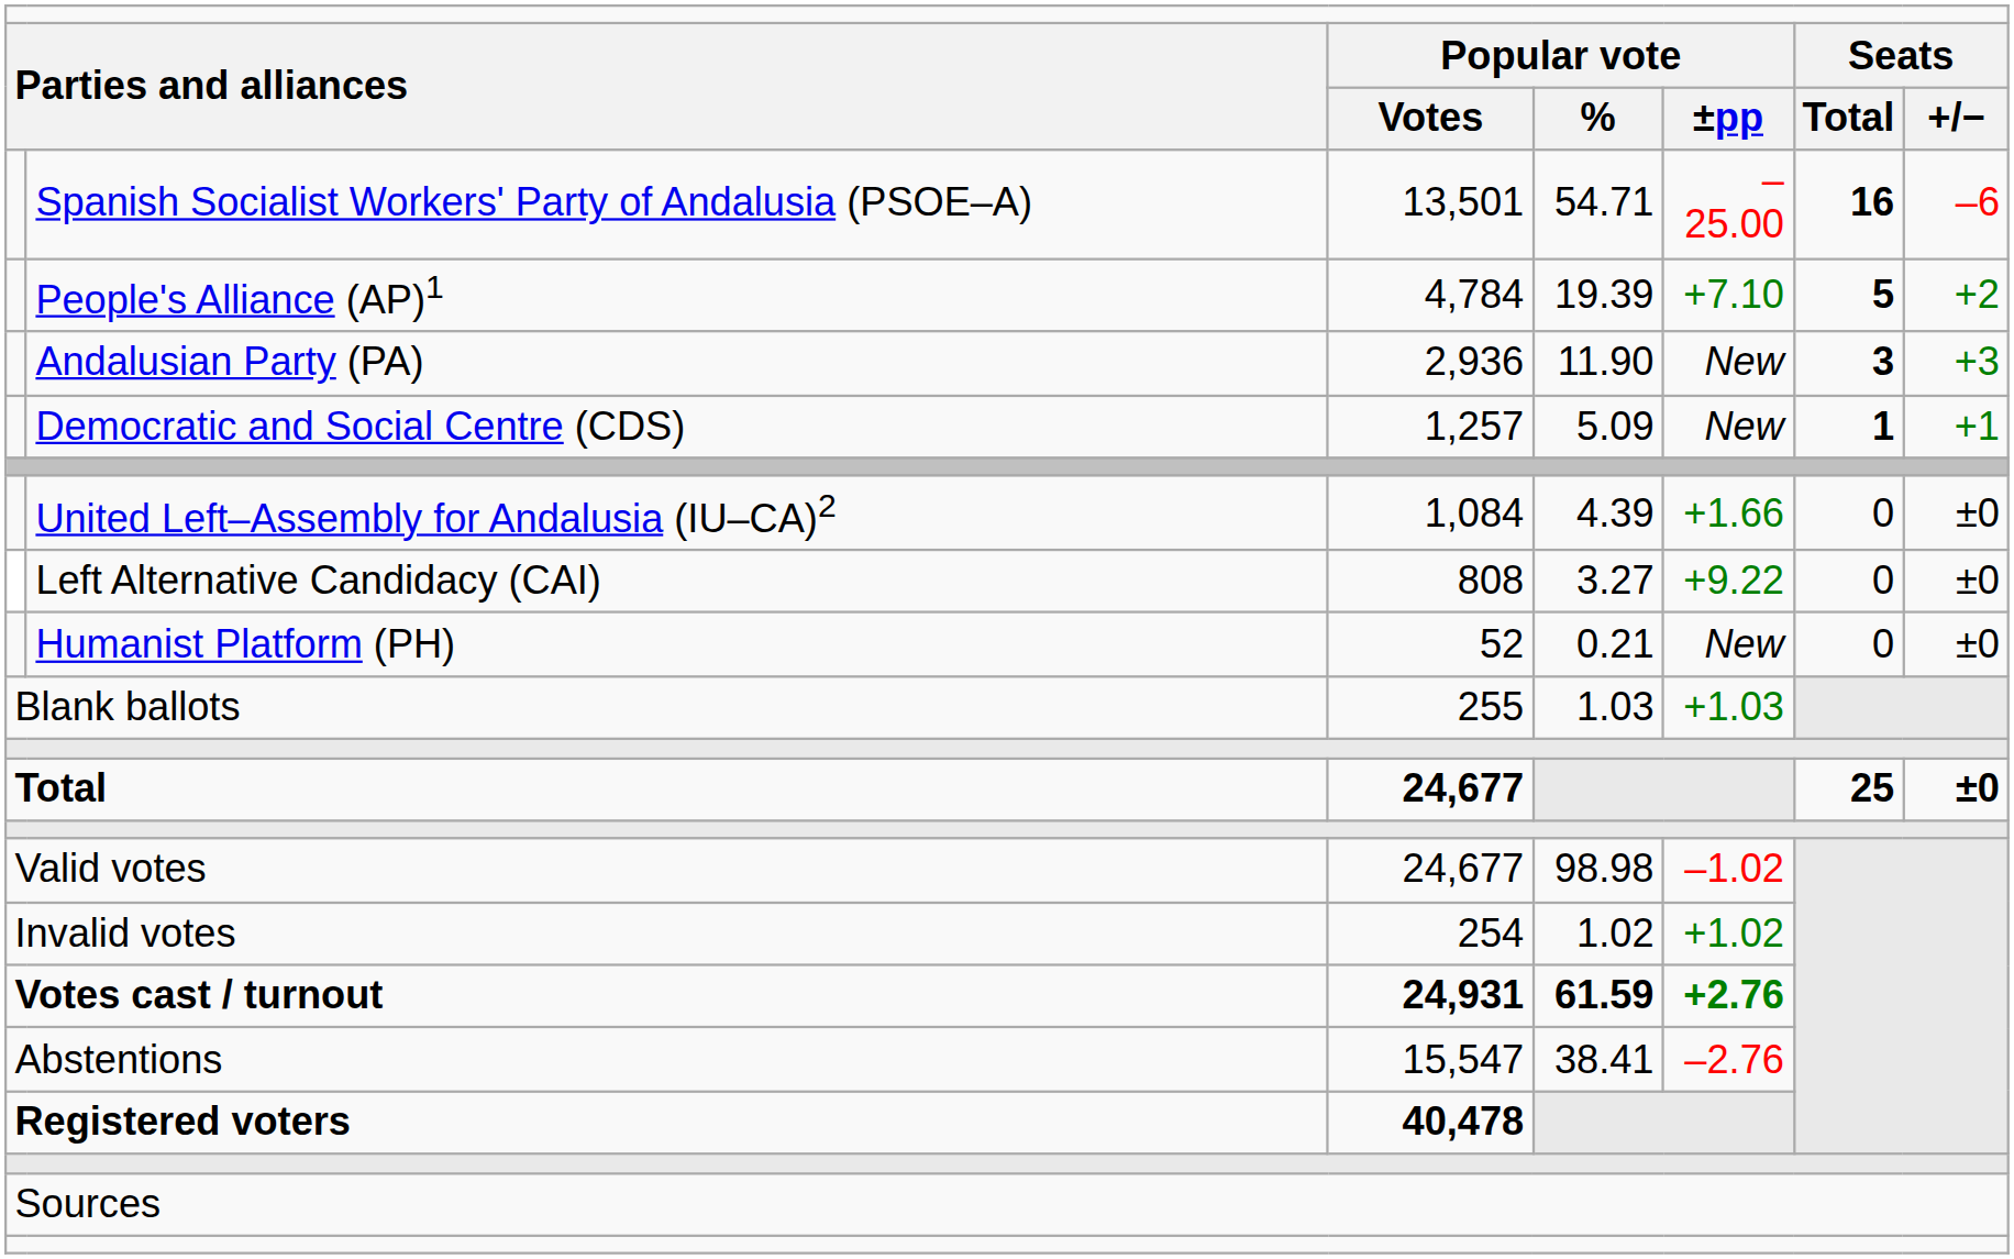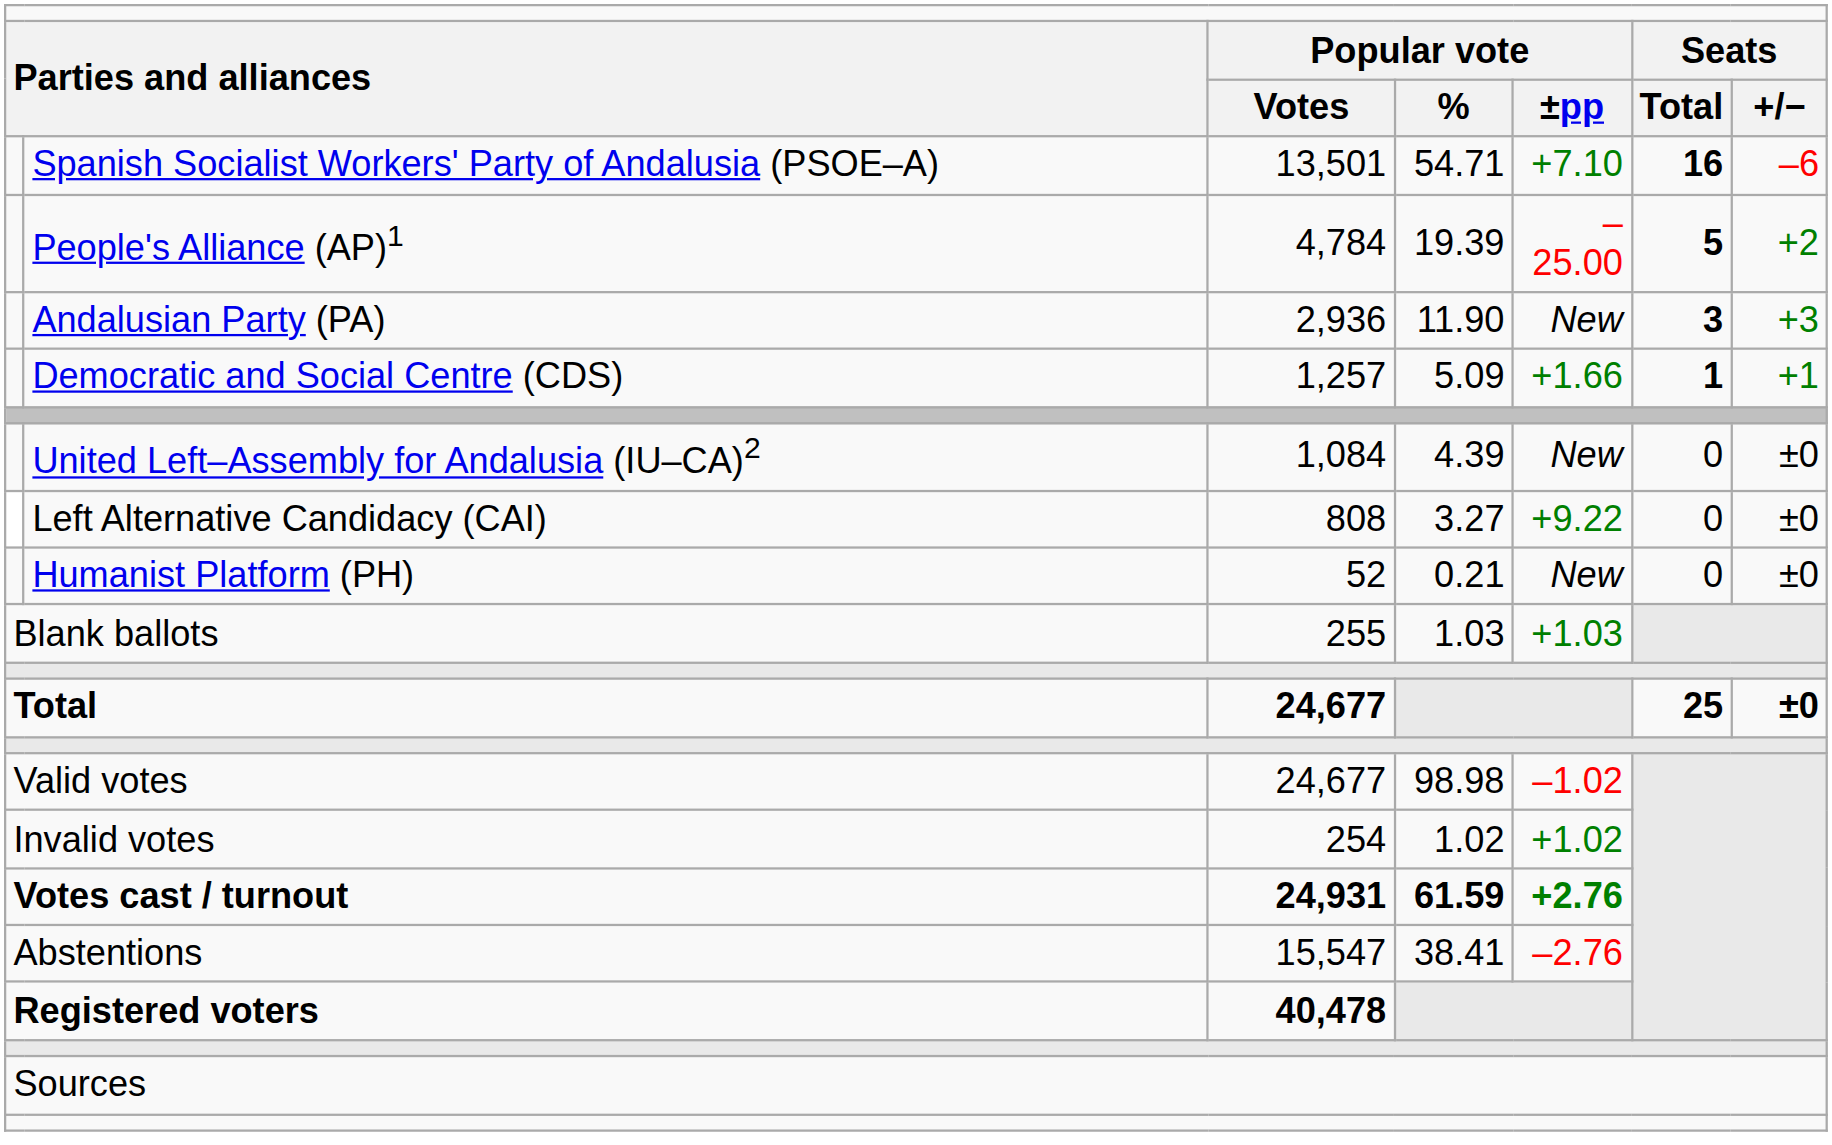 <table class="wikitable" style="text-align:right;">
 <tr>
 <td colspan="7"></td>
 </tr>
 <tr>
 <th style="text-align:left;" rowspan="2" colspan="2" width="525">Parties and alliances</th>
 <th colspan="3">Popular vote</th>
 <th colspan="2">Seats</th>
 </tr>
 <tr>
 <th width="75">Votes</th>
 <th width="45">%</th>
 <th width="45">±<a href='#'>pp</a></th>
 <th width="35">Total</th>
 <th width="35">+/−</th>
 </tr>
 <tr>
 <td width="1" style="color:inherit;background:"></td>
 <td align="left"><a href='#'>Spanish Socialist Workers' Party of Andalusia</a> (PSOE–A)</td>
 <td>13,501</td>
 <td>54.71</td>
-<td style="color:red;">–25.00</td>
+<td style="color:green;">+7.10</td>
 <td><strong>16</strong></td>
 <td style="color:red;">–6</td>
 </tr>
 <tr>
 <td style="color:inherit;background:"></td>
 <td align="left"><a href='#'>People's Alliance</a> (AP)<sup>1</sup></td>
 <td>4,784</td>
 <td>19.39</td>
-<td style="color:green;">+7.10</td>
+<td style="color:red;">–25.00</td>
 <td><strong>5</strong></td>
 <td style="color:green;">+2</td>
 </tr>
 <tr>
 <td style="color:inherit;background:"></td>
 <td align="left"><a href='#'>Andalusian Party</a> (PA)</td>
 <td>2,936</td>
 <td>11.90</td>
 <td><em>New</em></td>
 <td><strong>3</strong></td>
 <td style="color:green;">+3</td>
 </tr>
 <tr>
 <td style="color:inherit;background:"></td>
 <td align="left"><a href='#'>Democratic and Social Centre</a> (CDS)</td>
 <td>1,257</td>
 <td>5.09</td>
-<td><em>New</em></td>
+<td style="color:green;">+1.66</td>
 <td><strong>1</strong></td>
 <td style="color:green;">+1</td>
 </tr>
 <tr>
 <td colspan="7" bgcolor="#C0C0C0"></td>
 </tr>
 <tr>
 <td style="color:inherit;background:"></td>
 <td align="left"><a href='#'>United Left–Assembly for Andalusia</a> (IU–CA)<sup>2</sup></td>
 <td>1,084</td>
 <td>4.39</td>
-<td style="color:green;">+1.66</td>
+<td><em>New</em></td>
 <td>0</td>
 <td>±0</td>
 </tr>
 <tr>
 <td bgcolor="white"></td>
 <td align="left">Left Alternative Candidacy (CAI)</td>
 <td>808</td>
 <td>3.27</td>
 <td style="color:green;">+9.22</td>
 <td>0</td>
 <td>±0</td>
 </tr>
 <tr>
 <td style="color:inherit;background:"></td>
 <td align="left"><a href='#'>Humanist Platform</a> (PH)</td>
 <td>52</td>
 <td>0.21</td>
 <td><em>New</em></td>
 <td>0</td>
 <td>±0</td>
 </tr>
 <tr>
 <td align="left" colspan="2">Blank ballots</td>
 <td>255</td>
 <td>1.03</td>
 <td style="color:green;">+1.03</td>
 <td bgcolor="#E9E9E9" colspan="2"></td>
 </tr>
 <tr>
 <td colspan="7" bgcolor="#E9E9E9"></td>
 </tr>
 <tr style="font-weight:bold;">
 <td align="left" colspan="2">Total</td>
 <td>24,677</td>
 <td bgcolor="#E9E9E9" colspan="2"></td>
 <td>25</td>
 <td>±0</td>
 </tr>
 <tr>
 <td colspan="7" bgcolor="#E9E9E9"></td>
 </tr>
 <tr>
 <td align="left" colspan="2">Valid votes</td>
 <td>24,677</td>
 <td>98.98</td>
 <td style="color:red;">–1.02</td>
 <td bgcolor="#E9E9E9" colspan="2" rowspan="5"></td>
 </tr>
 <tr>
 <td align="left" colspan="2">Invalid votes</td>
 <td>254</td>
 <td>1.02</td>
 <td style="color:green;">+1.02</td>
 </tr>
 <tr style="font-weight:bold;">
 <td align="left" colspan="2">Votes cast / turnout</td>
 <td>24,931</td>
 <td>61.59</td>
 <td style="color:green;">+2.76</td>
 </tr>
 <tr>
 <td align="left" colspan="2">Abstentions</td>
 <td>15,547</td>
 <td>38.41</td>
 <td style="color:red;">–2.76</td>
 </tr>
 <tr style="font-weight:bold;">
 <td align="left" colspan="2">Registered voters</td>
 <td>40,478</td>
 <td bgcolor="#E9E9E9" colspan="2"></td>
 </tr>
 <tr>
 <td colspan="7" bgcolor="#E9E9E9"></td>
 </tr>
 <tr>
 <td align="left" colspan="7">Sources</td>
 </tr>
 <tr>
 <td colspan="7" style="text-align:left; max-width:790px;"></td>
 </tr>
 </table>
